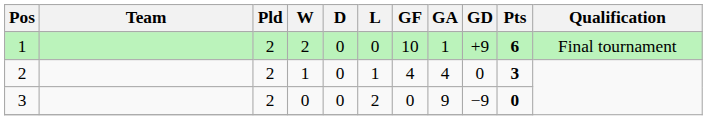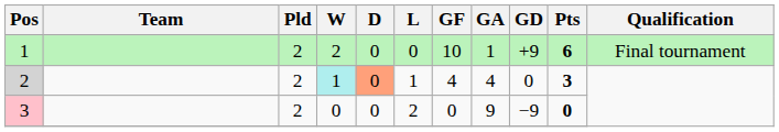 <table class="wikitable" border="1" style="text-align: center;">
 <tr>
 <th width="25"><abbr>Pos</abbr></th>
 <th width="190">Team</th>
 <th width="25"><abbr>Pld</abbr></th>
 <th width="25"><abbr>W</abbr></th>
 <th width="25"><abbr>D</abbr></th>
 <th width="25"><abbr>L</abbr></th>
 <th width="25"><abbr>GF</abbr></th>
 <th width="25"><abbr>GA</abbr></th>
 <th width="25"><abbr>GD</abbr></th>
 <th width="25"><abbr>Pts</abbr></th>
 <th width="150">Qualification</th>
 </tr>
 <tr bgcolor = #BBF3BB>
 <td>1</td>
 <td align="left"></td>
 <td>2</td>
 <td>2</td>
 <td>0</td>
 <td>0</td>
 <td>10</td>
 <td>1</td>
 <td>+9</td>
 <td><strong>6</strong></td>
 <td>Final tournament</td>
 </tr>
 <tr>
-<td>2</td>
+<td style="background: lightgrey;">2</td>
 <td align="left"></td>
 <td>2</td>
-<td>1</td>
-<td>0</td>
+<td style="background: paleturquoise;">1</td>
+<td style="background: lightsalmon;">0</td>
 <td>1</td>
 <td>4</td>
 <td>4</td>
 <td>0</td>
 <td><strong>3</strong></td>
 </tr>
 <tr>
-<td>3</td>
+<td style="background: pink;">3</td>
 <td align="left"></td>
 <td>2</td>
 <td>0</td>
 <td>0</td>
 <td>2</td>
 <td>0</td>
 <td>9</td>
 <td>−9</td>
 <td><strong>0</strong></td>
 </tr>
 <tr>
 </tr>
 </table>
